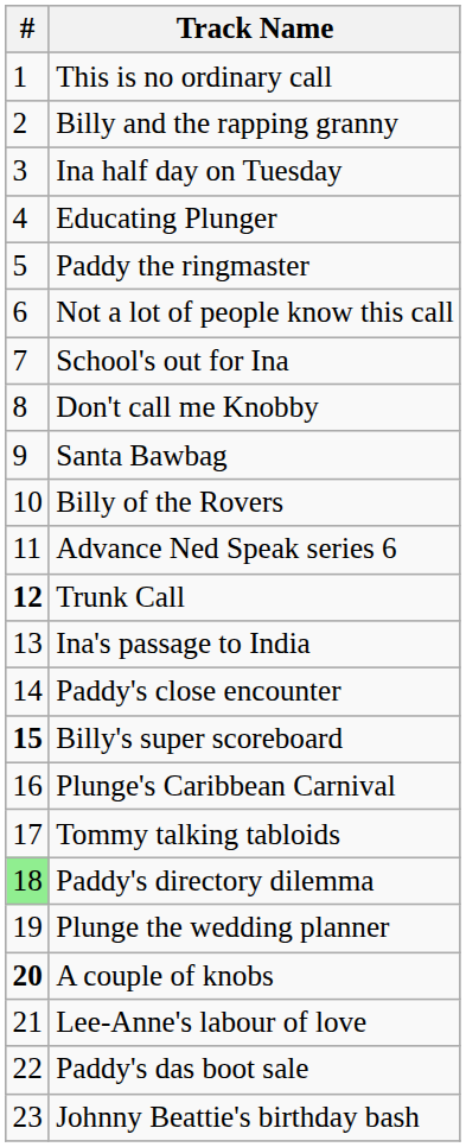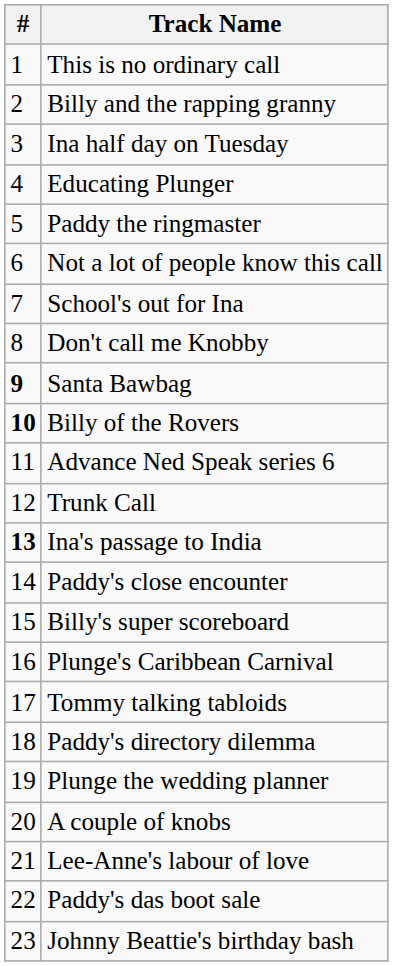 <table class="wikitable">
 <tr>
 <th>#</th>
 <th>Track Name</th>
 </tr>
 <tr>
 <td>1</td>
 <td>This is no ordinary call</td>
 </tr>
 <tr>
 <td>2</td>
 <td>Billy and the rapping granny</td>
 </tr>
 <tr>
 <td>3</td>
 <td>Ina half day on Tuesday</td>
 </tr>
 <tr>
 <td>4</td>
 <td>Educating Plunger</td>
 </tr>
 <tr>
 <td>5</td>
 <td>Paddy the ringmaster</td>
 </tr>
 <tr>
 <td>6</td>
 <td>Not a lot of people know this call</td>
 </tr>
 <tr>
 <td>7</td>
 <td>School's out for Ina</td>
 </tr>
 <tr>
 <td>8</td>
 <td>Don't call me Knobby</td>
 </tr>
 <tr>
-<td>9</td>
+<td><strong>9</strong></td>
 <td>Santa Bawbag</td>
 </tr>
 <tr>
-<td>10</td>
+<td><strong>10</strong></td>
 <td>Billy of the Rovers</td>
 </tr>
 <tr>
 <td>11</td>
 <td>Advance Ned Speak series 6</td>
 </tr>
 <tr>
-<td><strong>12</strong></td>
+<td>12</td>
 <td>Trunk Call</td>
 </tr>
 <tr>
-<td>13</td>
+<td><strong>13</strong></td>
 <td>Ina's passage to India</td>
 </tr>
 <tr>
 <td>14</td>
 <td>Paddy's close encounter</td>
 </tr>
 <tr>
-<td><strong>15</strong></td>
+<td>15</td>
 <td>Billy's super scoreboard</td>
 </tr>
 <tr>
 <td>16</td>
 <td>Plunge's Caribbean Carnival</td>
 </tr>
 <tr>
 <td>17</td>
 <td>Tommy talking tabloids</td>
 </tr>
 <tr>
-<td style="background: lightgreen;">18</td>
+<td>18</td>
 <td>Paddy's directory dilemma</td>
 </tr>
 <tr>
 <td>19</td>
 <td>Plunge the wedding planner</td>
 </tr>
 <tr>
-<td><strong>20</strong></td>
+<td>20</td>
 <td>A couple of knobs</td>
 </tr>
 <tr>
 <td>21</td>
 <td>Lee-Anne's labour of love</td>
 </tr>
 <tr>
 <td>22</td>
 <td>Paddy's das boot sale</td>
 </tr>
 <tr>
 <td>23</td>
 <td>Johnny Beattie's birthday bash</td>
 </tr>
 </table>
